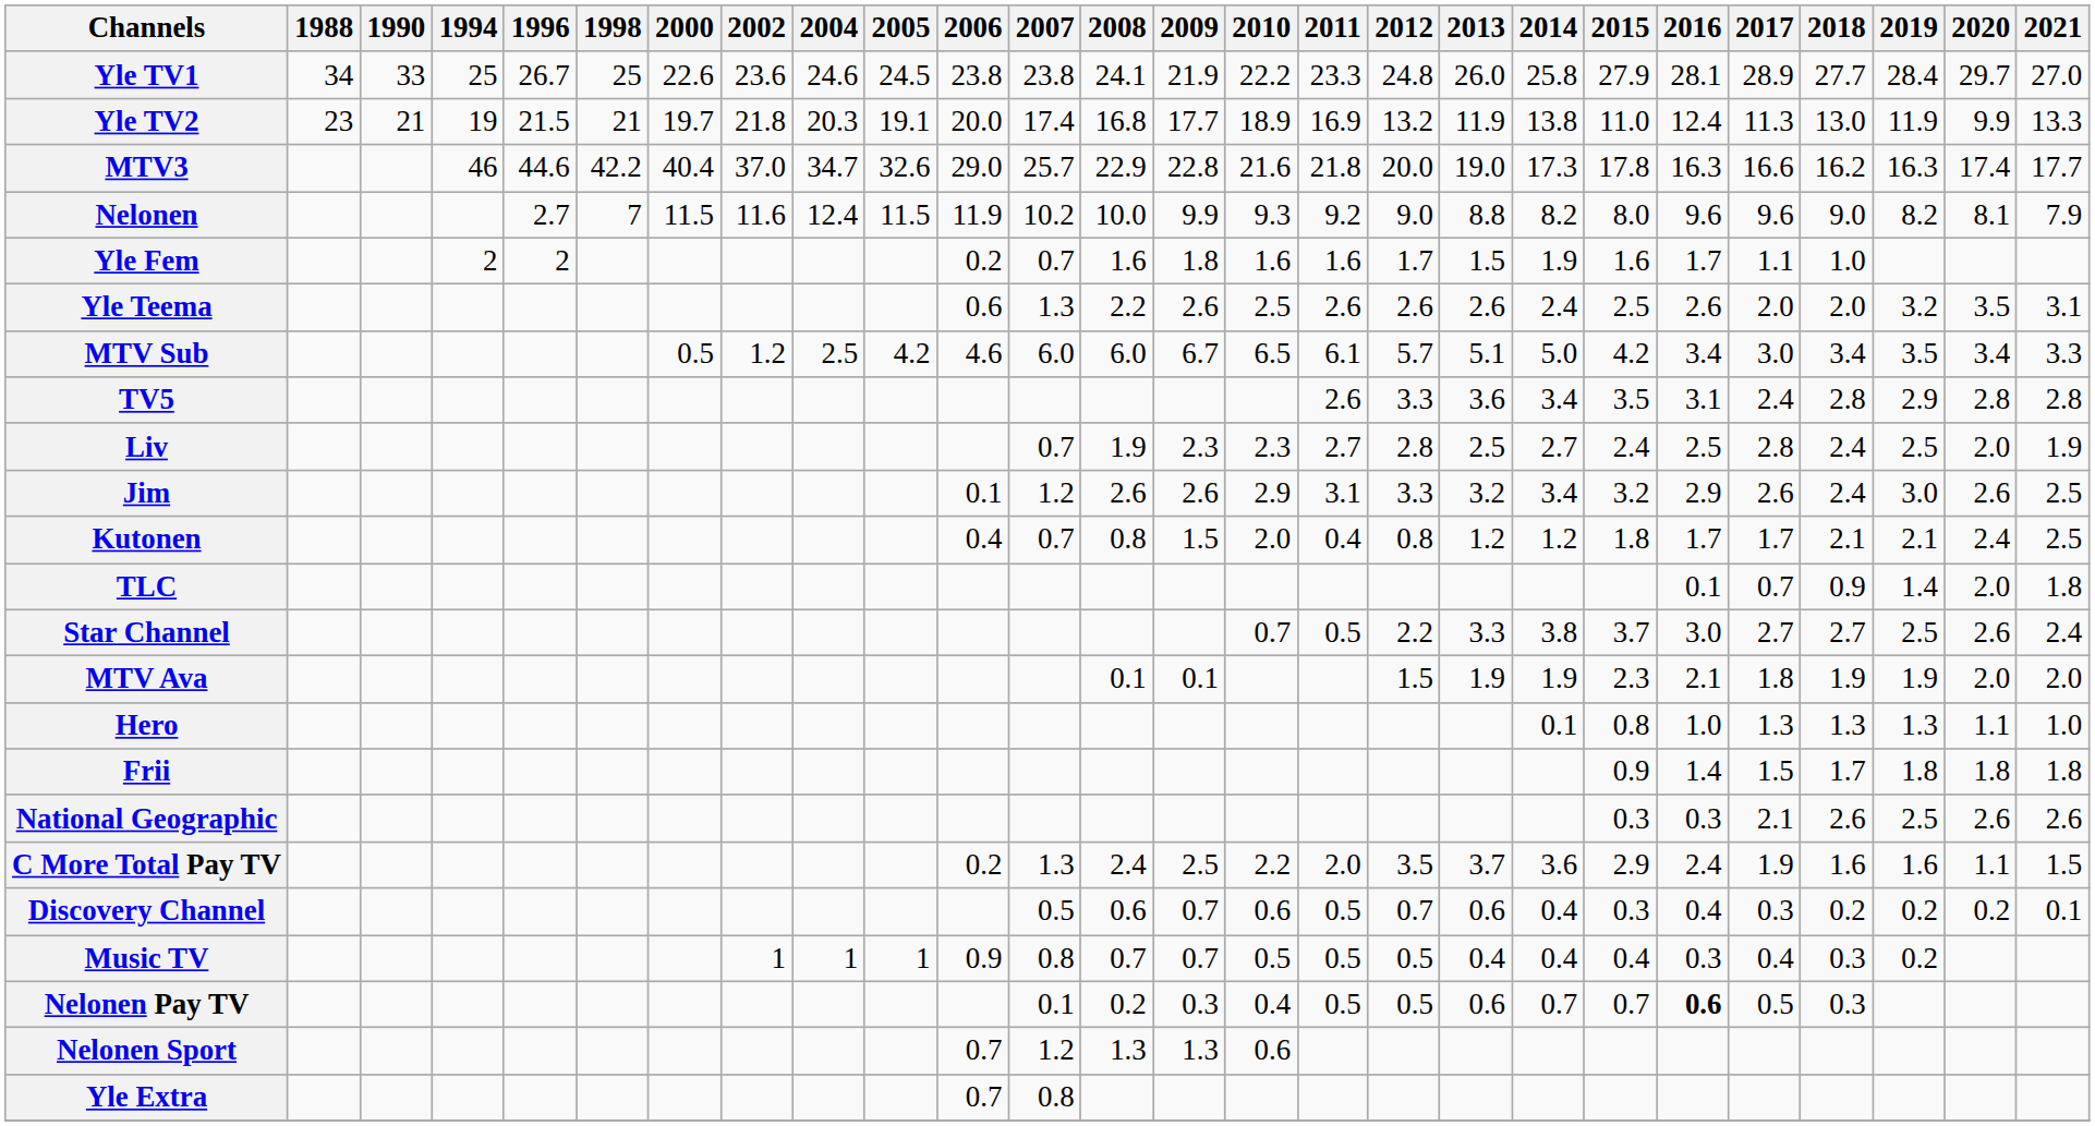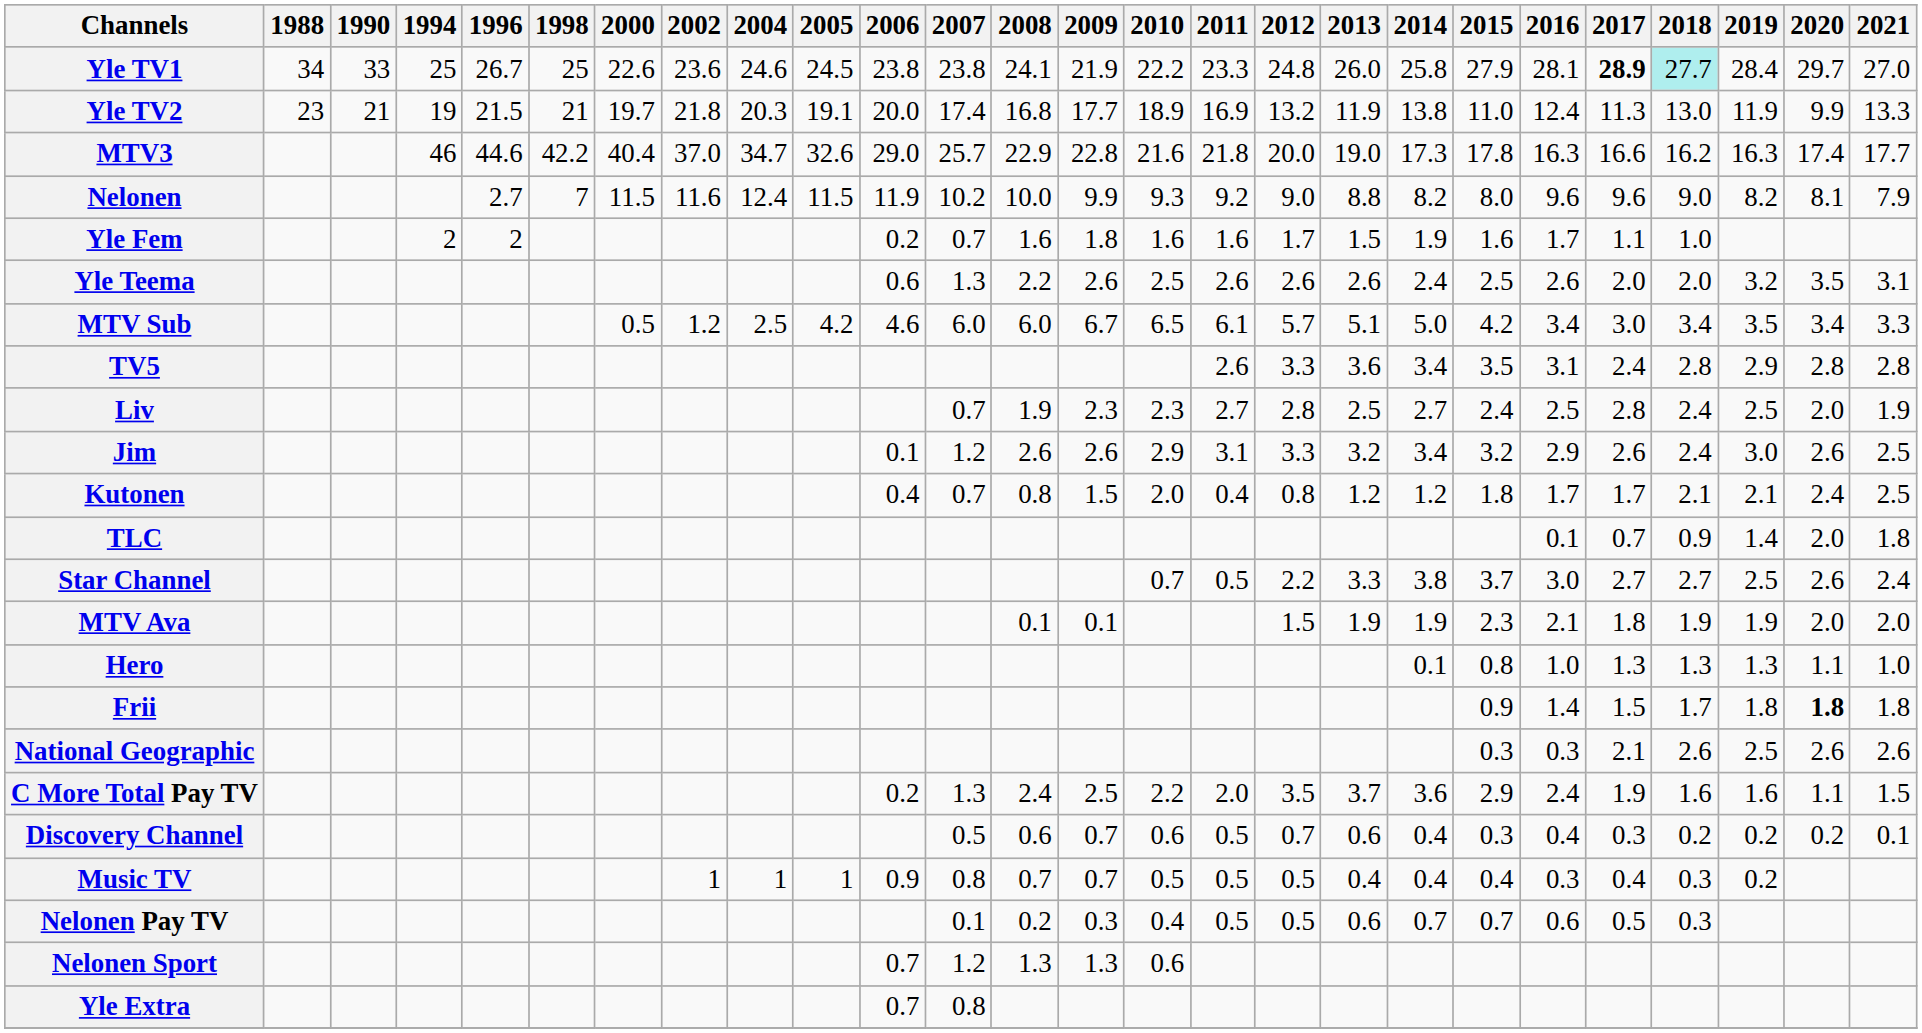 <table class="sortable wikitable" style="text-align:right">
 <tr>
 <th>Channels</th>
 <th>1988<br></th>
 <th>1990<br></th>
 <th>1994<br></th>
 <th>1996<br></th>
 <th>1998<br></th>
 <th>2000<br></th>
 <th>2002<br></th>
 <th>2004<br></th>
 <th>2005<br></th>
 <th>2006<br></th>
 <th>2007<br></th>
 <th>2008<br></th>
 <th>2009<br></th>
 <th>2010<br></th>
 <th>2011<br></th>
 <th>2012<br></th>
 <th>2013<br></th>
 <th>2014<br></th>
 <th>2015<br></th>
 <th>2016<br></th>
 <th>2017<br></th>
 <th>2018<br></th>
 <th>2019<br></th>
 <th>2020<br></th>
 <th>2021<br></th>
 </tr>
 <tr>
 <th><a href='#'>Yle TV1</a></th>
 <td>34</td>
 <td>33</td>
 <td>25</td>
 <td>26.7</td>
 <td>25</td>
 <td>22.6</td>
 <td>23.6</td>
 <td>24.6</td>
 <td>24.5</td>
 <td>23.8</td>
 <td>23.8</td>
 <td>24.1</td>
 <td>21.9</td>
 <td>22.2</td>
 <td>23.3</td>
 <td>24.8</td>
 <td>26.0</td>
 <td>25.8</td>
 <td>27.9</td>
 <td>28.1</td>
-<td>28.9</td>
-<td>27.7</td>
+<td><strong>28.9</strong></td>
+<td style="background: paleturquoise;">27.7</td>
 <td>28.4</td>
 <td>29.7</td>
 <td>27.0</td>
 </tr>
 <tr>
 <th><a href='#'>Yle TV2</a></th>
 <td>23</td>
 <td>21</td>
 <td>19</td>
 <td>21.5</td>
 <td>21</td>
 <td>19.7</td>
 <td>21.8</td>
 <td>20.3</td>
 <td>19.1</td>
 <td>20.0</td>
 <td>17.4</td>
 <td>16.8</td>
 <td>17.7</td>
 <td>18.9</td>
 <td>16.9</td>
 <td>13.2</td>
 <td>11.9</td>
 <td>13.8</td>
 <td>11.0</td>
 <td>12.4</td>
 <td>11.3</td>
 <td>13.0</td>
 <td>11.9</td>
 <td>9.9</td>
 <td>13.3</td>
 </tr>
 <tr>
 <th><a href='#'>MTV3</a></th>
 <td></td>
 <td></td>
 <td>46</td>
 <td>44.6</td>
 <td>42.2</td>
 <td>40.4</td>
 <td>37.0</td>
 <td>34.7</td>
 <td>32.6</td>
 <td>29.0</td>
 <td>25.7</td>
 <td>22.9</td>
 <td>22.8</td>
 <td>21.6</td>
 <td>21.8</td>
 <td>20.0</td>
 <td>19.0</td>
 <td>17.3</td>
 <td>17.8</td>
 <td>16.3</td>
 <td>16.6</td>
 <td>16.2</td>
 <td>16.3</td>
 <td>17.4</td>
 <td>17.7</td>
 </tr>
 <tr>
 <th><a href='#'>Nelonen</a></th>
 <td></td>
 <td></td>
 <td></td>
 <td>2.7</td>
 <td>7</td>
 <td>11.5</td>
 <td>11.6</td>
 <td>12.4</td>
 <td>11.5</td>
 <td>11.9</td>
 <td>10.2</td>
 <td>10.0</td>
 <td>9.9</td>
 <td>9.3</td>
 <td>9.2</td>
 <td>9.0</td>
 <td>8.8</td>
 <td>8.2</td>
 <td>8.0</td>
 <td>9.6</td>
 <td>9.6</td>
 <td>9.0</td>
 <td>8.2</td>
 <td>8.1</td>
 <td>7.9</td>
 </tr>
 <tr>
 <th><a href='#'>Yle Fem</a></th>
 <td></td>
 <td></td>
 <td>2</td>
 <td>2</td>
 <td></td>
 <td></td>
 <td></td>
 <td></td>
 <td></td>
 <td>0.2</td>
 <td>0.7</td>
 <td>1.6</td>
 <td>1.8</td>
 <td>1.6</td>
 <td>1.6</td>
 <td>1.7</td>
 <td>1.5</td>
 <td>1.9</td>
 <td>1.6</td>
 <td>1.7</td>
 <td>1.1</td>
 <td>1.0</td>
 <td></td>
 <td></td>
 <td></td>
 </tr>
 <tr>
 <th><a href='#'>Yle Teema</a></th>
 <td></td>
 <td></td>
 <td></td>
 <td></td>
 <td></td>
 <td></td>
 <td></td>
 <td></td>
 <td></td>
 <td>0.6</td>
 <td>1.3</td>
 <td>2.2</td>
 <td>2.6</td>
 <td>2.5</td>
 <td>2.6</td>
 <td>2.6</td>
 <td>2.6</td>
 <td>2.4</td>
 <td>2.5</td>
 <td>2.6</td>
 <td>2.0</td>
 <td>2.0</td>
 <td>3.2</td>
 <td>3.5</td>
 <td>3.1</td>
 </tr>
 <tr>
 <th><a href='#'>MTV Sub</a></th>
 <td></td>
 <td></td>
 <td></td>
 <td></td>
 <td></td>
 <td>0.5</td>
 <td>1.2</td>
 <td>2.5</td>
 <td>4.2</td>
 <td>4.6</td>
 <td>6.0</td>
 <td>6.0</td>
 <td>6.7</td>
 <td>6.5</td>
 <td>6.1</td>
 <td>5.7</td>
 <td>5.1</td>
 <td>5.0</td>
 <td>4.2</td>
 <td>3.4</td>
 <td>3.0</td>
 <td>3.4</td>
 <td>3.5</td>
 <td>3.4</td>
 <td>3.3</td>
 </tr>
 <tr>
 <th><a href='#'>TV5</a></th>
 <td></td>
 <td></td>
 <td></td>
 <td></td>
 <td></td>
 <td></td>
 <td></td>
 <td></td>
 <td></td>
 <td></td>
 <td></td>
 <td></td>
 <td></td>
 <td></td>
 <td>2.6</td>
 <td>3.3</td>
 <td>3.6</td>
 <td>3.4</td>
 <td>3.5</td>
 <td>3.1</td>
 <td>2.4</td>
 <td>2.8</td>
 <td>2.9</td>
 <td>2.8</td>
 <td>2.8</td>
 </tr>
 <tr>
 <th><a href='#'>Liv</a></th>
 <td></td>
 <td></td>
 <td></td>
 <td></td>
 <td></td>
 <td></td>
 <td></td>
 <td></td>
 <td></td>
 <td></td>
 <td>0.7</td>
 <td>1.9</td>
 <td>2.3</td>
 <td>2.3</td>
 <td>2.7</td>
 <td>2.8</td>
 <td>2.5</td>
 <td>2.7</td>
 <td>2.4</td>
 <td>2.5</td>
 <td>2.8</td>
 <td>2.4</td>
 <td>2.5</td>
 <td>2.0</td>
 <td>1.9</td>
 </tr>
 <tr>
 <th><a href='#'>Jim</a></th>
 <td></td>
 <td></td>
 <td></td>
 <td></td>
 <td></td>
 <td></td>
 <td></td>
 <td></td>
 <td></td>
 <td>0.1</td>
 <td>1.2</td>
 <td>2.6</td>
 <td>2.6</td>
 <td>2.9</td>
 <td>3.1</td>
 <td>3.3</td>
 <td>3.2</td>
 <td>3.4</td>
 <td>3.2</td>
 <td>2.9</td>
 <td>2.6</td>
 <td>2.4</td>
 <td>3.0</td>
 <td>2.6</td>
 <td>2.5</td>
 </tr>
 <tr>
 <th><a href='#'>Kutonen</a></th>
 <td></td>
 <td></td>
 <td></td>
 <td></td>
 <td></td>
 <td></td>
 <td></td>
 <td></td>
 <td></td>
 <td>0.4</td>
 <td>0.7</td>
 <td>0.8</td>
 <td>1.5</td>
 <td>2.0</td>
 <td>0.4</td>
 <td>0.8</td>
 <td>1.2</td>
 <td>1.2</td>
 <td>1.8</td>
 <td>1.7</td>
 <td>1.7</td>
 <td>2.1</td>
 <td>2.1</td>
 <td>2.4</td>
 <td>2.5</td>
 </tr>
 <tr>
 <th><a href='#'>TLC</a></th>
 <td></td>
 <td></td>
 <td></td>
 <td></td>
 <td></td>
 <td></td>
 <td></td>
 <td></td>
 <td></td>
 <td></td>
 <td></td>
 <td></td>
 <td></td>
 <td></td>
 <td></td>
 <td></td>
 <td></td>
 <td></td>
 <td></td>
 <td>0.1</td>
 <td>0.7</td>
 <td>0.9</td>
 <td>1.4</td>
 <td>2.0</td>
 <td>1.8</td>
 </tr>
 <tr>
 <th><a href='#'>Star Channel</a></th>
 <td></td>
 <td></td>
 <td></td>
 <td></td>
 <td></td>
 <td></td>
 <td></td>
 <td></td>
 <td></td>
 <td></td>
 <td></td>
 <td></td>
 <td></td>
 <td>0.7</td>
 <td>0.5</td>
 <td>2.2</td>
 <td>3.3</td>
 <td>3.8</td>
 <td>3.7</td>
 <td>3.0</td>
 <td>2.7</td>
 <td>2.7</td>
 <td>2.5</td>
 <td>2.6</td>
 <td>2.4</td>
 </tr>
 <tr>
 <th><a href='#'>MTV Ava</a></th>
 <td></td>
 <td></td>
 <td></td>
 <td></td>
 <td></td>
 <td></td>
 <td></td>
 <td></td>
 <td></td>
 <td></td>
 <td></td>
 <td>0.1</td>
 <td>0.1</td>
 <td></td>
 <td></td>
 <td>1.5</td>
 <td>1.9</td>
 <td>1.9</td>
 <td>2.3</td>
 <td>2.1</td>
 <td>1.8</td>
 <td>1.9</td>
 <td>1.9</td>
 <td>2.0</td>
 <td>2.0</td>
 </tr>
 <tr>
 <th><a href='#'>Hero</a></th>
 <td></td>
 <td></td>
 <td></td>
 <td></td>
 <td></td>
 <td></td>
 <td></td>
 <td></td>
 <td></td>
 <td></td>
 <td></td>
 <td></td>
 <td></td>
 <td></td>
 <td></td>
 <td></td>
 <td></td>
 <td>0.1</td>
 <td>0.8</td>
 <td>1.0</td>
 <td>1.3</td>
 <td>1.3</td>
 <td>1.3</td>
 <td>1.1</td>
 <td>1.0</td>
 </tr>
 <tr>
 <th><a href='#'>Frii</a></th>
 <td></td>
 <td></td>
 <td></td>
 <td></td>
 <td></td>
 <td></td>
 <td></td>
 <td></td>
 <td></td>
 <td></td>
 <td></td>
 <td></td>
 <td></td>
 <td></td>
 <td></td>
 <td></td>
 <td></td>
 <td></td>
 <td>0.9</td>
 <td>1.4</td>
 <td>1.5</td>
 <td>1.7</td>
 <td>1.8</td>
-<td>1.8</td>
+<td><strong>1.8</strong></td>
 <td>1.8</td>
 </tr>
 <tr>
 <th><a href='#'>National Geographic</a></th>
 <td></td>
 <td></td>
 <td></td>
 <td></td>
 <td></td>
 <td></td>
 <td></td>
 <td></td>
 <td></td>
 <td></td>
 <td></td>
 <td></td>
 <td></td>
 <td></td>
 <td></td>
 <td></td>
 <td></td>
 <td></td>
 <td>0.3</td>
 <td>0.3</td>
 <td>2.1</td>
 <td>2.6</td>
 <td>2.5</td>
 <td>2.6</td>
 <td>2.6</td>
 </tr>
 <tr>
 <th><a href='#'>C More Total</a> Pay TV</th>
 <td></td>
 <td></td>
 <td></td>
 <td></td>
 <td></td>
 <td></td>
 <td></td>
 <td></td>
 <td></td>
 <td>0.2</td>
 <td>1.3</td>
 <td>2.4</td>
 <td>2.5</td>
 <td>2.2</td>
 <td>2.0</td>
 <td>3.5</td>
 <td>3.7</td>
 <td>3.6</td>
 <td>2.9</td>
 <td>2.4</td>
 <td>1.9</td>
 <td>1.6</td>
 <td>1.6</td>
 <td>1.1</td>
 <td>1.5</td>
 </tr>
 <tr>
 <th><a href='#'>Discovery Channel</a></th>
 <td></td>
 <td></td>
 <td></td>
 <td></td>
 <td></td>
 <td></td>
 <td></td>
 <td></td>
 <td></td>
 <td></td>
 <td>0.5</td>
 <td>0.6</td>
 <td>0.7</td>
 <td>0.6</td>
 <td>0.5</td>
 <td>0.7</td>
 <td>0.6</td>
 <td>0.4</td>
 <td>0.3</td>
 <td>0.4</td>
 <td>0.3</td>
 <td>0.2</td>
 <td>0.2</td>
 <td>0.2</td>
 <td>0.1</td>
 </tr>
 <tr>
 <th><a href='#'>Music TV</a></th>
 <td></td>
 <td></td>
 <td></td>
 <td></td>
 <td></td>
 <td></td>
 <td>1</td>
 <td>1</td>
 <td>1</td>
 <td>0.9</td>
 <td>0.8</td>
 <td>0.7</td>
 <td>0.7</td>
 <td>0.5</td>
 <td>0.5</td>
 <td>0.5</td>
 <td>0.4</td>
 <td>0.4</td>
 <td>0.4</td>
 <td>0.3</td>
 <td>0.4</td>
 <td>0.3</td>
 <td>0.2</td>
 <td></td>
 <td></td>
 </tr>
 <tr>
 <th><a href='#'>Nelonen</a> Pay TV</th>
 <td></td>
 <td></td>
 <td></td>
 <td></td>
 <td></td>
 <td></td>
 <td></td>
 <td></td>
 <td></td>
 <td></td>
 <td>0.1</td>
 <td>0.2</td>
 <td>0.3</td>
 <td>0.4</td>
 <td>0.5</td>
 <td>0.5</td>
 <td>0.6</td>
 <td>0.7</td>
 <td>0.7</td>
-<td><strong>0.6</strong></td>
+<td>0.6</td>
 <td>0.5</td>
 <td>0.3</td>
 <td></td>
 <td></td>
 <td></td>
 </tr>
 <tr>
 <th><a href='#'>Nelonen Sport</a></th>
 <td></td>
 <td></td>
 <td></td>
 <td></td>
 <td></td>
 <td></td>
 <td></td>
 <td></td>
 <td></td>
 <td>0.7</td>
 <td>1.2</td>
 <td>1.3</td>
 <td>1.3</td>
 <td>0.6</td>
 <td></td>
 <td></td>
 <td></td>
 <td></td>
 <td></td>
 <td></td>
 <td></td>
 <td></td>
 <td></td>
 <td></td>
 <td></td>
 </tr>
 <tr>
 <th><a href='#'>Yle Extra</a></th>
 <td></td>
 <td></td>
 <td></td>
 <td></td>
 <td></td>
 <td></td>
 <td></td>
 <td></td>
 <td></td>
 <td>0.7</td>
 <td>0.8</td>
 <td></td>
 <td></td>
 <td></td>
 <td></td>
 <td></td>
 <td></td>
 <td></td>
 <td></td>
 <td></td>
 <td></td>
 <td></td>
 <td></td>
 <td></td>
 <td></td>
 </tr>
 <tr>
 </tr>
 </table>
